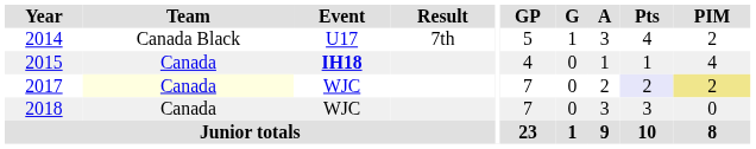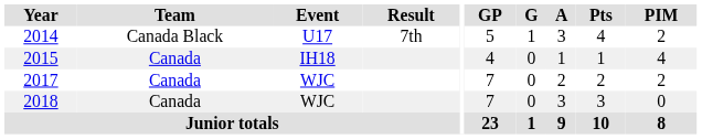 <table border="0" cellpadding="1" cellspacing="0" ID="Table3" style="text-align:center; width:40em">
 <tr ALIGN="centre" bgcolor="#e0e0e0">
 <th>Year</th>
 <th>Team</th>
 <th>Event</th>
 <th>Result</th>
 <th rowspan="99" bgcolor="#ffffff"></th>
 <th>GP</th>
 <th>G</th>
 <th>A</th>
 <th>Pts</th>
 <th>PIM</th>
 </tr>
 <tr>
 <td><a href='#'>2014</a></td>
 <td>Canada Black</td>
 <td><a href='#'>U17</a></td>
 <td>7th</td>
 <td>5</td>
 <td>1</td>
 <td>3</td>
 <td>4</td>
 <td>2</td>
 </tr>
 <tr bgcolor="#f0f0f0">
 <td><a href='#'>2015</a></td>
 <td><a href='#'>Canada</a></td>
-<td><strong><a href='#'>IH18</a></strong></td>
+<td><a href='#'>IH18</a></td>
 <td></td>
 <td>4</td>
 <td>0</td>
 <td>1</td>
 <td>1</td>
 <td>4</td>
 </tr>
 <tr>
 <td><a href='#'>2017</a></td>
-<td style="background: lightyellow;"><a href='#'>Canada</a></td>
+<td><a href='#'>Canada</a></td>
 <td><a href='#'>WJC</a></td>
 <td></td>
 <td>7</td>
 <td>0</td>
 <td>2</td>
-<td style="background: lavender;">2</td>
-<td style="background: khaki;">2</td>
+<td>2</td>
+<td>2</td>
 </tr>
 <tr bgcolor="#f0f0f0">
 <td><a href='#'>2018</a></td>
 <td>Canada</td>
 <td>WJC</td>
 <td></td>
 <td>7</td>
 <td>0</td>
 <td>3</td>
 <td>3</td>
 <td>0</td>
 </tr>
 <tr bgcolor="#e0e0e0">
 <th colspan="4">Junior totals</th>
 <th>23</th>
 <th>1</th>
 <th>9</th>
 <th>10</th>
 <th>8</th>
 </tr>
 </table>
